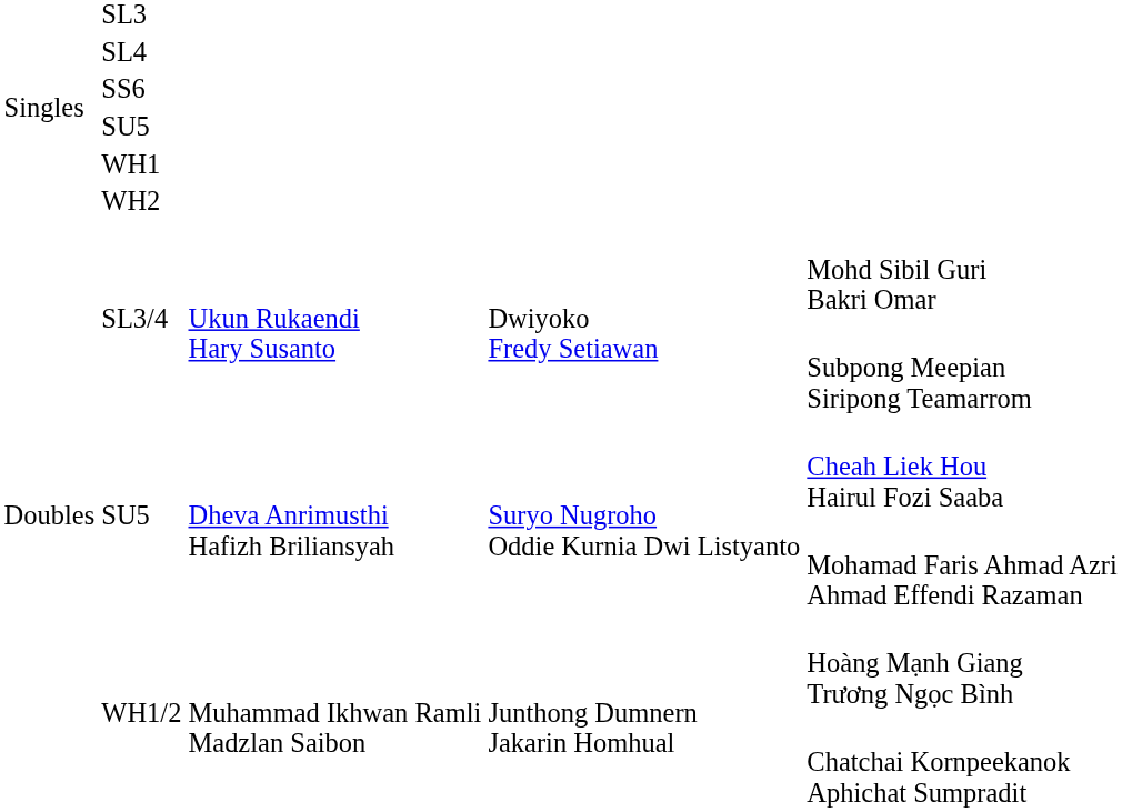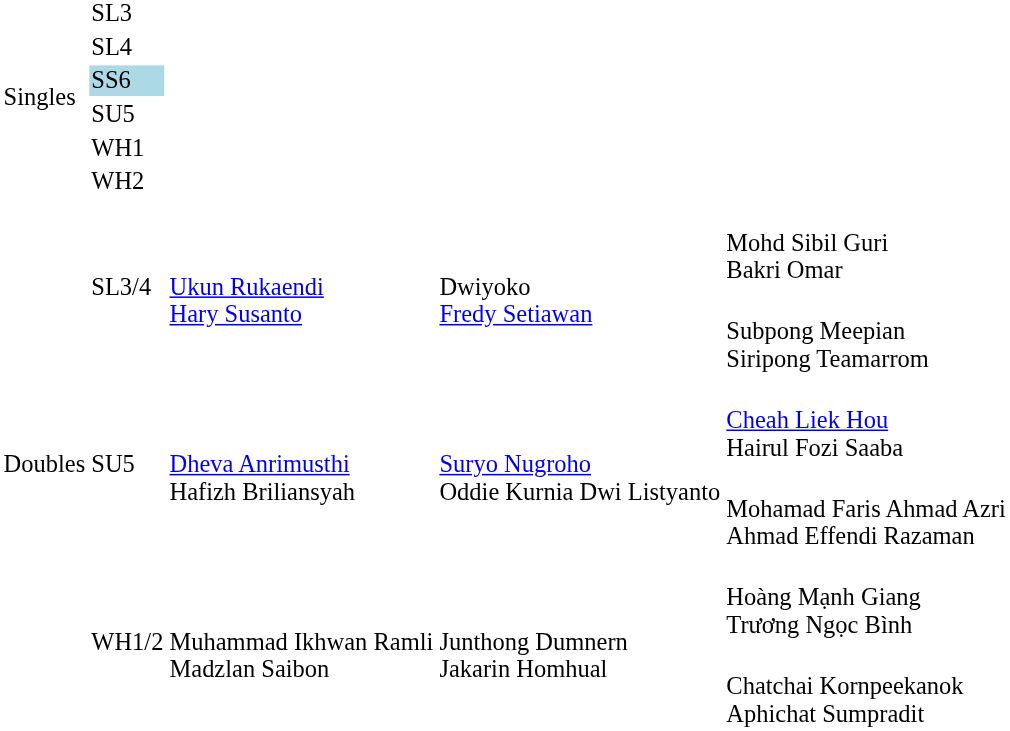 <table>
 <tr>
 <td rowspan="11">Singles</td>
 <td rowspan="2">SL3</td>
 <td rowspan="2"></td>
 <td rowspan="2"></td>
 <td></td>
 </tr>
 <tr>
 <td></td>
 </tr>
 <tr>
 <td rowspan="2">SL4</td>
 <td rowspan="2"></td>
 <td rowspan="2"></td>
 <td></td>
 </tr>
 <tr>
 <td></td>
 </tr>
 <tr>
-<td>SS6</td>
+<td style="background: lightblue;">SS6</td>
 <td></td>
 <td></td>
 <td></td>
 </tr>
 <tr>
 <td rowspan="2">SU5</td>
 <td rowspan="2"></td>
 <td rowspan="2"></td>
 <td></td>
 </tr>
 <tr>
 <td></td>
 </tr>
 <tr>
 <td rowspan="2">WH1</td>
 <td rowspan="2"></td>
 <td rowspan="2"></td>
 <td></td>
 </tr>
 <tr>
 <td></td>
 </tr>
 <tr>
 <td rowspan="2">WH2</td>
 <td rowspan="2"></td>
 <td rowspan="2"></td>
 <td></td>
 </tr>
 <tr>
 <td></td>
 </tr>
 <tr>
 <td rowspan="6">Doubles</td>
 <td rowspan="2">SL3/4</td>
 <td rowspan="2"><br><a href='#'>Ukun Rukaendi</a><br><a href='#'>Hary Susanto</a></td>
 <td rowspan="2"><br>Dwiyoko<br><a href='#'>Fredy Setiawan</a></td>
 <td><br>Mohd Sibil Guri<br>Bakri Omar</td>
 </tr>
 <tr>
 <td><br>Subpong Meepian<br>Siripong Teamarrom</td>
 </tr>
 <tr>
 <td rowspan="2">SU5</td>
 <td rowspan="2"><br><a href='#'>Dheva Anrimusthi</a><br>Hafizh Briliansyah</td>
 <td rowspan="2"><br><a href='#'>Suryo Nugroho</a><br>Oddie Kurnia Dwi Listyanto</td>
 <td><br><a href='#'>Cheah Liek Hou</a><br>Hairul Fozi Saaba</td>
 </tr>
 <tr>
 <td><br>Mohamad Faris Ahmad Azri<br>Ahmad Effendi Razaman</td>
 </tr>
 <tr>
 <td rowspan="2">WH1/2</td>
 <td rowspan="2"><br>Muhammad Ikhwan Ramli<br>Madzlan Saibon</td>
 <td rowspan="2"><br>Junthong Dumnern<br>Jakarin Homhual</td>
 <td><br>Hoàng Mạnh Giang<br>Trương Ngọc Bình</td>
 </tr>
 <tr>
 <td><br>Chatchai Kornpeekanok<br>Aphichat Sumpradit</td>
 </tr>
 </table>
